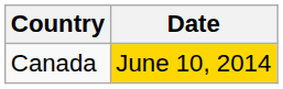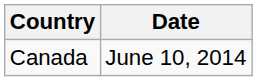 <table class="wikitable">
 <tr>
 <th>Country</th>
 <th>Date</th>
 </tr>
 <tr>
 <td>Canada</td>
-<td style="background: gold;">June 10, 2014</td>
+<td>June 10, 2014</td>
 </tr>
 </table>
